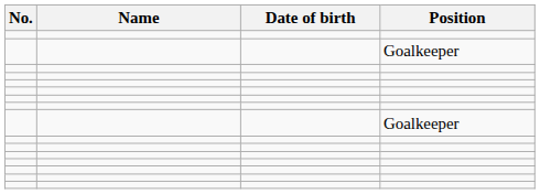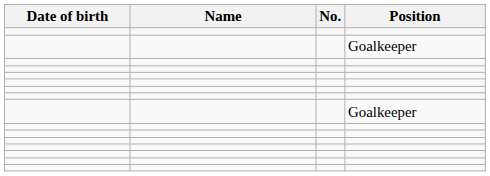 <table class="wikitable sortable" style=font-size:100%; text-align:center;>
 <tr>
+<th style=width:8em>Date of birth</th>
+<th style=width:12em>Name</th>
 <th>No.</th>
-<th style=width:12em>Name</th>
-<th style=width:8em>Date of birth</th>
 <th style=width:9em>Position</th>
 </tr>
 <tr>
+<td align=right></td>
+<td align=left></td>
 <td></td>
-<td align=left></td>
-<td align=right></td>
 <td></td>
 </tr>
 <tr>
+<td align=right></td>
+<td align=left></td>
 <td></td>
-<td align=left></td>
-<td align=right></td>
 <td>Goalkeeper</td>
 </tr>
 <tr>
+<td align=right></td>
+<td align=left></td>
 <td></td>
-<td align=left></td>
-<td align=right></td>
 <td></td>
 </tr>
 <tr>
+<td align=right></td>
+<td align=left></td>
 <td></td>
-<td align=left></td>
-<td align=right></td>
 <td></td>
 </tr>
 <tr>
+<td align=right></td>
+<td align=left></td>
 <td></td>
-<td align=left></td>
-<td align=right></td>
 <td></td>
 </tr>
 <tr>
+<td align=right></td>
+<td align=left></td>
 <td></td>
-<td align=left></td>
-<td align=right></td>
 <td></td>
 </tr>
 <tr>
+<td align=right></td>
+<td align=left></td>
 <td></td>
-<td align=left></td>
-<td align=right></td>
 <td></td>
 </tr>
 <tr>
+<td align=right></td>
+<td align=left></td>
 <td></td>
-<td align=left></td>
-<td align=right></td>
 <td></td>
 </tr>
 <tr>
+<td align=right></td>
+<td align=left></td>
 <td></td>
-<td align=left></td>
-<td align=right></td>
 <td>Goalkeeper</td>
 </tr>
 <tr>
+<td align=right></td>
+<td align=left></td>
 <td></td>
-<td align=left></td>
-<td align=right></td>
 <td></td>
 </tr>
 <tr>
+<td align=right></td>
+<td align=left></td>
 <td></td>
-<td align=left></td>
-<td align=right></td>
 <td></td>
 </tr>
 <tr>
+<td align=right></td>
+<td align=left></td>
 <td></td>
-<td align=left></td>
-<td align=right></td>
 <td></td>
 </tr>
 <tr>
+<td align=right></td>
+<td align=left></td>
 <td></td>
-<td align=left></td>
-<td align=right></td>
 <td></td>
 </tr>
 <tr>
+<td align=right></td>
+<td align=left></td>
 <td></td>
-<td align=left></td>
-<td align=right></td>
 <td></td>
 </tr>
 <tr>
+<td align=right></td>
+<td align=left></td>
 <td></td>
-<td align=left></td>
-<td align=right></td>
 <td></td>
 </tr>
 <tr>
+<td align=right></td>
+<td align=left></td>
 <td></td>
-<td align=left></td>
-<td align=right></td>
 <td></td>
 </tr>
 </table>
